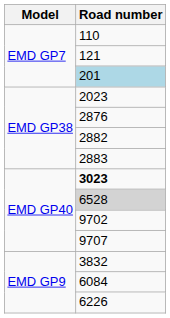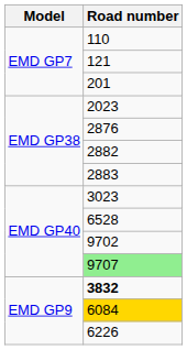 <table class="wikitable">
 <tr>
 <th>Model</th>
 <th>Road number</th>
 </tr>
 <tr>
 <td rowspan="3"><a href='#'>EMD GP7</a></td>
 <td>110</td>
 </tr>
 <tr>
 <td>121</td>
 </tr>
 <tr>
-<td style="background: lightblue;">201</td>
+<td>201</td>
 </tr>
 <tr>
 <td rowspan="4"><a href='#'>EMD GP38</a></td>
 <td>2023</td>
 </tr>
 <tr>
 <td>2876</td>
 </tr>
 <tr>
 <td>2882</td>
 </tr>
 <tr>
 <td>2883</td>
 </tr>
 <tr>
 <td rowspan="4"><a href='#'>EMD GP40</a></td>
-<td><strong>3023</strong></td>
+<td>3023</td>
 </tr>
 <tr>
-<td style="background: lightgrey;">6528</td>
+<td>6528</td>
 </tr>
 <tr>
 <td>9702</td>
 </tr>
 <tr>
-<td>9707</td>
+<td style="background: lightgreen;">9707</td>
 </tr>
 <tr>
 <td rowspan="3"><a href='#'>EMD GP9</a></td>
-<td>3832</td>
+<td><strong>3832</strong></td>
 </tr>
 <tr>
-<td>6084</td>
+<td style="background: gold;">6084</td>
 </tr>
 <tr>
 <td>6226</td>
 </tr>
 </table>
